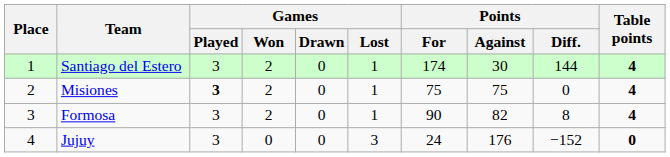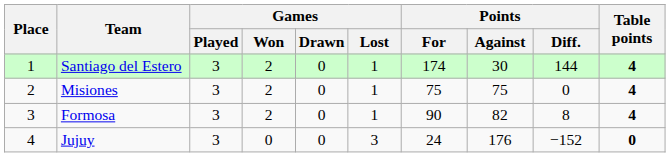 <table class="wikitable" style="text-align:center">
 <tr>
 <th rowspan=2 width="8%">Place</th>
 <th rowspan=2 width="20%">Team</th>
 <th colspan=4 width="32%">Games</th>
 <th colspan=3 width="30%">Points</th>
 <th rowspan=2 width="10%">Table<br>points</th>
 </tr>
 <tr>
 <th width="8%">Played</th>
 <th width="8%">Won</th>
 <th width="8%">Drawn</th>
 <th width="8%">Lost</th>
 <th width="10%">For</th>
 <th width="10%">Against</th>
 <th width="10%">Diff.</th>
 </tr>
 <tr style="background:#ccffcc">
 <td>1</td>
 <td align=left><a href='#'>Santiago del Estero</a></td>
 <td>3</td>
 <td>2</td>
 <td>0</td>
 <td>1</td>
 <td>174</td>
 <td>30</td>
 <td>144</td>
 <td><strong>4</strong></td>
 </tr>
 <tr>
 <td>2</td>
 <td align=left><a href='#'>Misiones</a></td>
-<td><strong>3</strong></td>
+<td>3</td>
 <td>2</td>
 <td>0</td>
 <td>1</td>
 <td>75</td>
 <td>75</td>
 <td>0</td>
 <td><strong>4</strong></td>
 </tr>
 <tr>
 <td>3</td>
 <td align=left><a href='#'>Formosa</a></td>
 <td>3</td>
 <td>2</td>
 <td>0</td>
 <td>1</td>
 <td>90</td>
 <td>82</td>
 <td>8</td>
 <td><strong>4</strong></td>
 </tr>
 <tr>
 <td>4</td>
 <td align=left><a href='#'>Jujuy</a></td>
 <td>3</td>
 <td>0</td>
 <td>0</td>
 <td>3</td>
 <td>24</td>
 <td>176</td>
 <td>−152</td>
 <td><strong>0</strong></td>
 </tr>
 </table>
